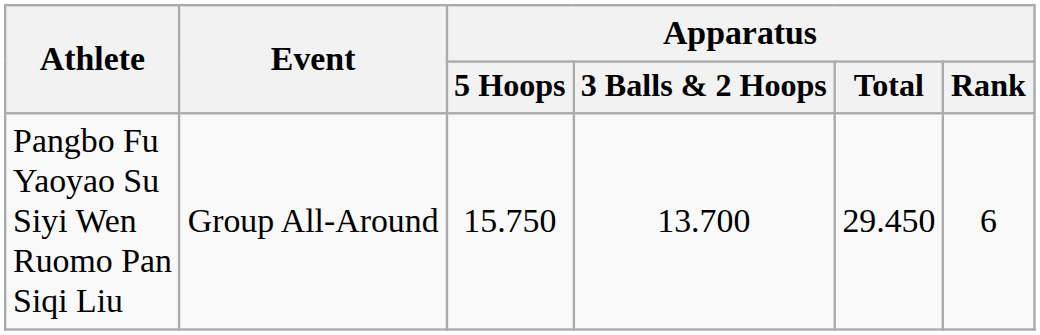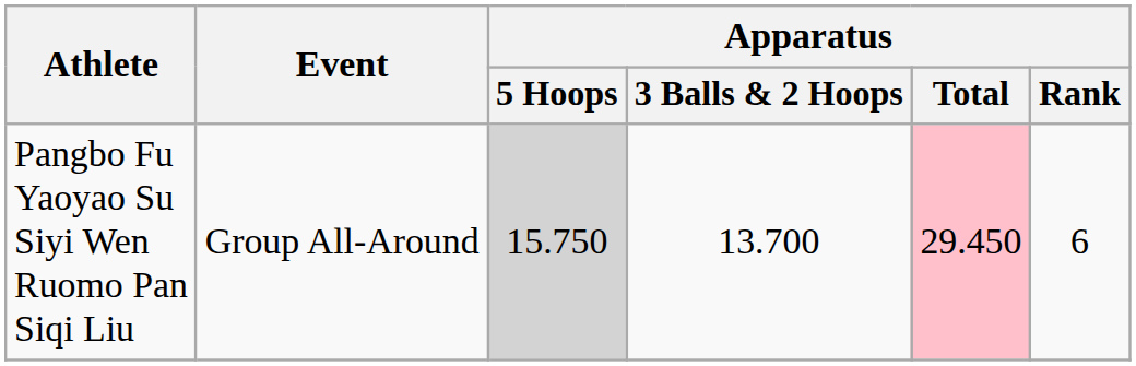 <table class=wikitable style="font-size:90%">
 <tr>
 <th rowspan=2>Athlete</th>
 <th rowspan=2>Event</th>
 <th colspan=4>Apparatus</th>
 </tr>
 <tr style="font-size:95%">
 <th>5 Hoops</th>
 <th>3 Balls & 2 Hoops</th>
 <th>Total</th>
 <th>Rank</th>
 </tr>
 <tr align=center>
 <td align=left>Pangbo Fu<br>Yaoyao Su<br>Siyi Wen<br>Ruomo Pan<br>Siqi Liu</td>
 <td align=left rowspan=2>Group All-Around</td>
-<td>15.750</td>
+<td style="background: lightgrey;">15.750</td>
 <td>13.700</td>
-<td>29.450</td>
+<td style="background: pink;">29.450</td>
 <td>6</td>
 </tr>
 </table>
